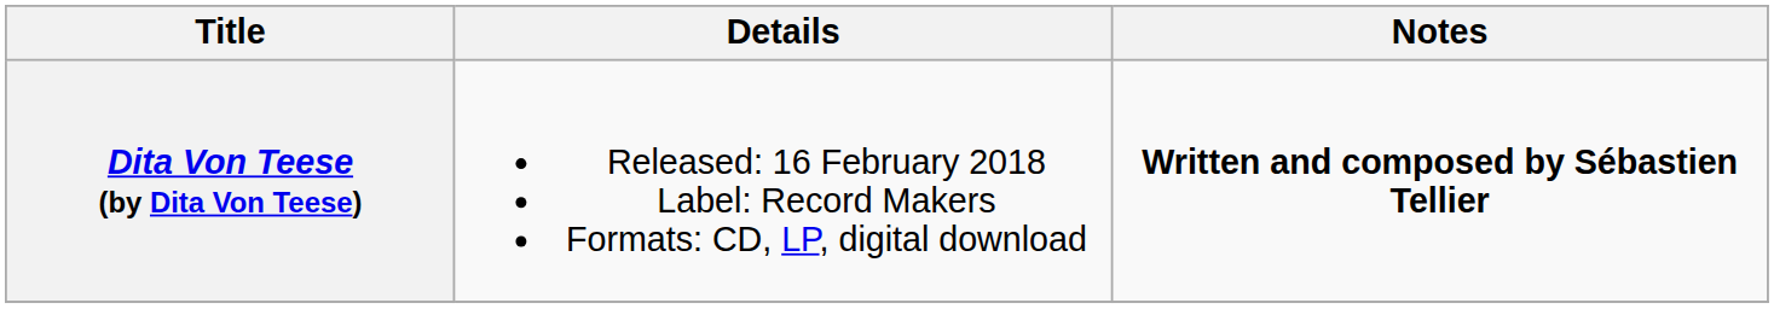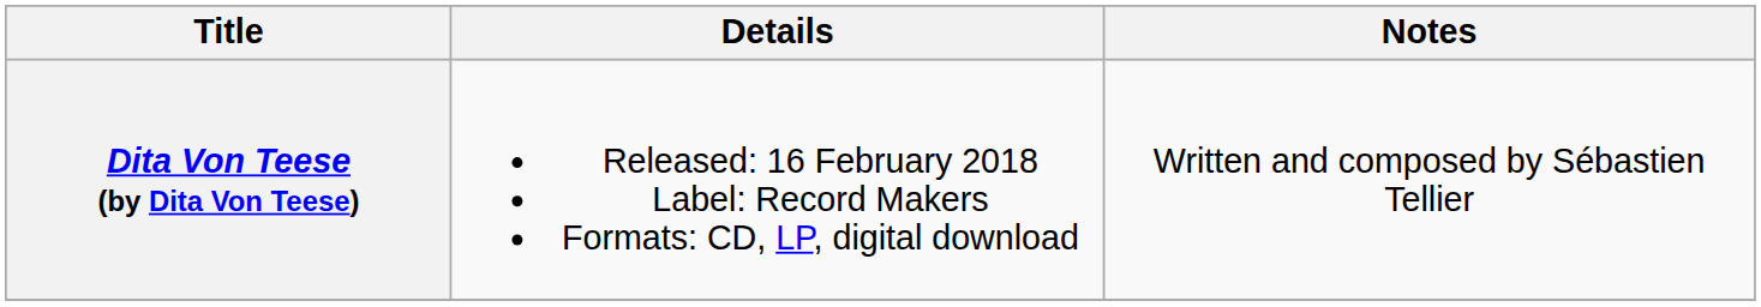 <table class="wikitable plainrowheaders" style="text-align:center;">
 <tr>
 <th style="width:200px;">Title</th>
 <th scope="col" style="width:18.5em;">Details</th>
 <th scope="col" style="width:18.5em;">Notes</th>
 </tr>
 <tr>
 <th scope="row"><em><a href='#'>Dita Von Teese</a></em><br><small>(by <a href='#'>Dita Von Teese</a>)</small></th>
 <td><br><ul><li>Released: 16 February 2018</li><li>Label: Record Makers</li><li>Formats: CD, <a href='#'>LP</a>, digital download</li></ul></td>
-<td><strong>Written and composed by Sébastien Tellier</strong></td>
+<td>Written and composed by Sébastien Tellier</td>
 </tr>
 <tr>
 </tr>
 </table>
